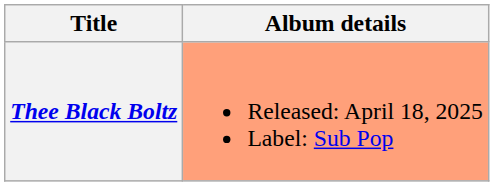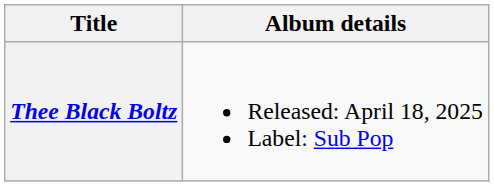 <table class="wikitable plainrowheaders" border="1">
 <tr>
 <th scope="col">Title</th>
 <th scope="col">Album details</th>
 </tr>
 <tr>
 <th scope="row"><em><a href='#'>Thee Black Boltz</a></em></th>
-<td style="background: lightsalmon;"><br><ul><li>Released: April 18, 2025</li><li>Label: <a href='#'>Sub Pop</a></li></ul></td>
+<td><br><ul><li>Released: April 18, 2025</li><li>Label: <a href='#'>Sub Pop</a></li></ul></td>
 </tr>
 </table>
